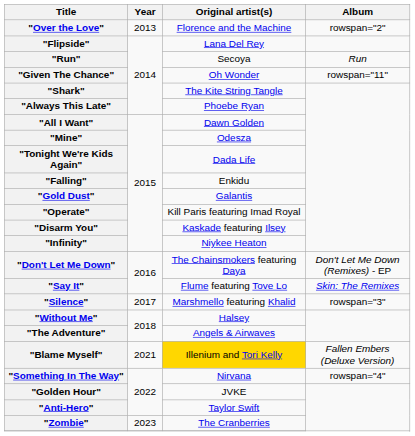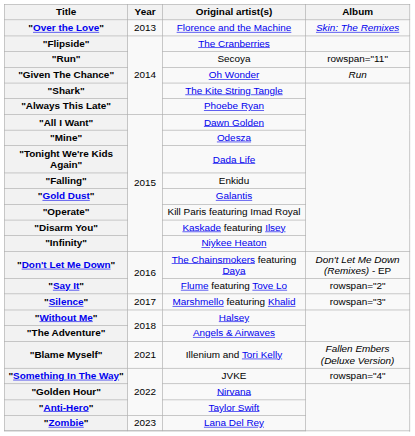 <table class="wikitable plainrowheaders" style="text-align:center;">
 <tr>
 <th rowspan="1" style="width:12em;">Title</th>
 <th rowspan="1" style="width:3em;">Year</th>
 <th colspan="1" style="width:14em;">Original artist(s)</th>
 <th rowspan="1" style="width:10em;">Album</th>
 </tr>
 <tr>
 <th scope="row">"<a href='#'>Over the Love</a>"</th>
 <td>2013</td>
 <td><a href='#'>Florence and the Machine</a></td>
-<td>rowspan="2" </td>
+<td><em><a href='#'>Skin: The Remixes</a></em></td>
 </tr>
 <tr>
 <th scope="row">"Flipside"</th>
 <td rowspan="5">2014</td>
-<td><a href='#'>Lana Del Rey</a></td>
+<td><a href='#'>The Cranberries</a></td>
 </tr>
 <tr>
 <th scope="row">"Run"<br></th>
 <td>Secoya</td>
-<td><em>Run</em></td>
+<td>rowspan="11" </td>
 </tr>
 <tr>
 <th scope="row">"Given The Chance"</th>
 <td><a href='#'>Oh Wonder</a></td>
-<td>rowspan="11" </td>
+<td><em>Run</em></td>
 </tr>
 <tr>
 <th scope="row">"Shark"</th>
 <td><a href='#'>The Kite String Tangle</a></td>
 </tr>
 <tr>
 <th scope="row">"Always This Late"</th>
 <td><a href='#'>Phoebe Ryan</a></td>
 </tr>
 <tr>
 <th scope="row">"All I Want"</th>
 <td rowspan="8">2015</td>
 <td><a href='#'>Dawn Golden</a></td>
 </tr>
 <tr>
 <th scope="row">"Mine"</th>
 <td><a href='#'>Odesza</a></td>
 </tr>
 <tr>
 <th scope="row">"Tonight We're Kids Again"</th>
 <td><a href='#'>Dada Life</a></td>
 </tr>
 <tr>
 <th scope="row">"Falling"<br></th>
 <td>Enkidu</td>
 </tr>
 <tr>
 <th scope="row">"<a href='#'>Gold Dust</a>"</th>
 <td><a href='#'>Galantis</a></td>
 </tr>
 <tr>
 <th scope="row">"Operate"</th>
 <td>Kill Paris featuring Imad Royal</td>
 </tr>
 <tr>
 <th scope="row">"Disarm You"</th>
 <td><a href='#'>Kaskade</a> featuring <a href='#'>Ilsey</a></td>
 </tr>
 <tr>
 <th scope="row">"Infinity"</th>
 <td><a href='#'>Niykee Heaton</a></td>
 </tr>
 <tr>
 <th scope="row">"<a href='#'>Don't Let Me Down</a>"</th>
 <td rowspan="2">2016</td>
 <td><a href='#'>The Chainsmokers</a> featuring <a href='#'>Daya</a></td>
 <td><em>Don't Let Me Down (Remixes)</em> - EP</td>
 </tr>
 <tr>
 <th scope="row">"<a href='#'>Say It</a>"</th>
 <td><a href='#'>Flume</a> featuring <a href='#'>Tove Lo</a></td>
-<td><em><a href='#'>Skin: The Remixes</a></em></td>
+<td>rowspan="2" </td>
 </tr>
 <tr>
 <th scope="row">"<a href='#'>Silence</a>"</th>
 <td>2017</td>
 <td><a href='#'>Marshmello</a> featuring <a href='#'>Khalid</a></td>
 <td>rowspan="3" </td>
 </tr>
 <tr>
 <th scope="row">"<a href='#'>Without Me</a>"</th>
 <td rowspan="2">2018</td>
 <td><a href='#'>Halsey</a></td>
 </tr>
 <tr>
 <th scope="row">"The Adventure"</th>
 <td><a href='#'>Angels & Airwaves</a></td>
 </tr>
 <tr>
 <th scope="row">"Blame Myself" <br></th>
 <td>2021</td>
-<td style="background: gold;">Illenium and <a href='#'>Tori Kelly</a></td>
+<td>Illenium and <a href='#'>Tori Kelly</a></td>
 <td><em>Fallen Embers (Deluxe Version)</em></td>
 </tr>
 <tr>
 <th scope="row">"<a href='#'>Something In The Way</a>"</th>
 <td rowspan="3">2022</td>
-<td><a href='#'>Nirvana</a></td>
+<td>JVKE</td>
 <td>rowspan="4" </td>
 </tr>
 <tr>
 <th scope="row">"Golden Hour" <br></th>
-<td>JVKE</td>
+<td><a href='#'>Nirvana</a></td>
 </tr>
 <tr>
 <th scope="row">"<a href='#'>Anti-Hero</a>"</th>
 <td><a href='#'>Taylor Swift</a></td>
 </tr>
 <tr>
 <th scope="row">"<a href='#'>Zombie</a>" <br></th>
 <td rowspan="1">2023</td>
-<td><a href='#'>The Cranberries</a></td>
+<td><a href='#'>Lana Del Rey</a></td>
 </tr>
 <tr>
 </tr>
 </table>
